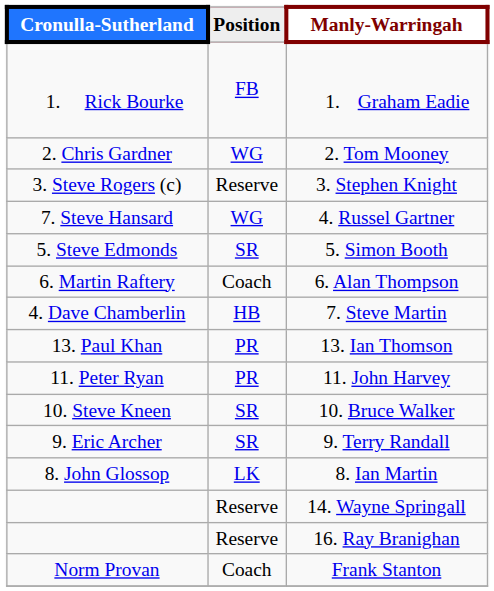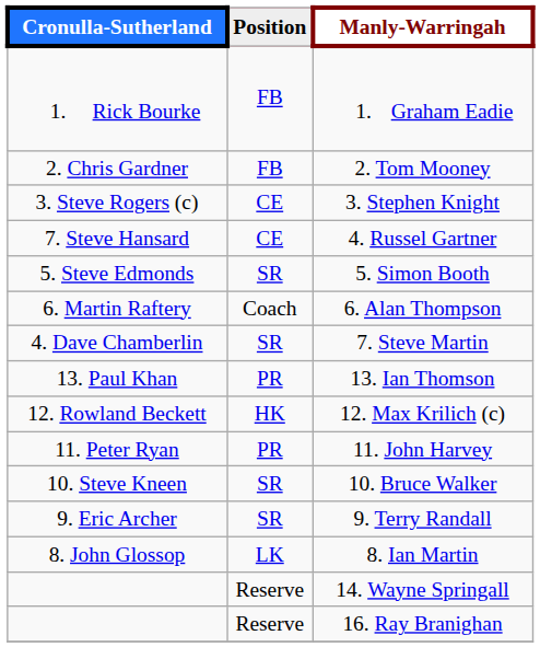 <table align="right" class="wikitable" style="font-size:90%; margin-left:1em">
 <tr bgcolor="#FF0033">
 <th style="width:140px; border:3px solid black; background: #1F75FE; color: white">Cronulla-Sutherland</th>
 <th style="width:40px; text-align:center; background:#eee; color:black;">Position</th>
 <th style="width:140px; border:3px solid maroon; background: white; color: maroon">Manly-Warringah</th>
 </tr>
 <tr align=center>
 <td><br><ol><li><a href='#'>Rick Bourke</a></li></ol></td>
 <td><a href='#'>FB</a></td>
 <td><br><ol><li><a href='#'>Graham Eadie</a></li></ol></td>
 </tr>
 <tr align=center>
 <td>2. <a href='#'>Chris Gardner</a></td>
-<td><a href='#'>WG</a></td>
+<td><a href='#'>FB</a></td>
 <td>2. <a href='#'>Tom Mooney</a></td>
 </tr>
 <tr align=center>
 <td>3. <a href='#'>Steve Rogers</a> (c)</td>
-<td>Reserve</td>
+<td><a href='#'>CE</a></td>
 <td>3. <a href='#'>Stephen Knight</a></td>
 </tr>
 <tr align=center>
 <td>7. <a href='#'>Steve Hansard</a></td>
-<td><a href='#'>WG</a></td>
+<td><a href='#'>CE</a></td>
 <td>4. <a href='#'>Russel Gartner</a></td>
 </tr>
 <tr align=center>
 <td>5. <a href='#'>Steve Edmonds</a></td>
 <td><a href='#'>SR</a></td>
 <td>5. <a href='#'>Simon Booth</a></td>
 </tr>
 <tr align=center>
 <td>6. <a href='#'>Martin Raftery</a></td>
 <td>Coach</td>
 <td>6. <a href='#'>Alan Thompson</a></td>
 </tr>
 <tr align=center>
 <td>4. <a href='#'>Dave Chamberlin</a></td>
-<td><a href='#'>HB</a></td>
+<td><a href='#'>SR</a></td>
 <td>7. <a href='#'>Steve Martin</a></td>
 </tr>
 <tr align=center>
 <td>13. <a href='#'>Paul Khan</a></td>
 <td><a href='#'>PR</a></td>
 <td>13. <a href='#'>Ian Thomson</a></td>
+</tr>
+<tr align=center>
+<td>12. <a href='#'>Rowland Beckett</a></td>
+<td><a href='#'>HK</a></td>
+<td>12. <a href='#'>Max Krilich</a> (c)</td>
 </tr>
 <tr align=center>
 <td>11. <a href='#'>Peter Ryan</a></td>
 <td><a href='#'>PR</a></td>
 <td>11. <a href='#'>John Harvey</a></td>
 </tr>
 <tr align=center>
 <td>10. <a href='#'>Steve Kneen</a></td>
 <td><a href='#'>SR</a></td>
 <td>10. <a href='#'>Bruce Walker</a></td>
 </tr>
 <tr align=center>
 <td>9. <a href='#'>Eric Archer</a></td>
 <td><a href='#'>SR</a></td>
 <td>9. <a href='#'>Terry Randall</a></td>
 </tr>
 <tr align=center>
 <td>8. <a href='#'>John Glossop</a></td>
 <td><a href='#'>LK</a></td>
 <td>8. <a href='#'>Ian Martin</a></td>
 </tr>
 <tr align=center>
 <td></td>
 <td>Reserve</td>
 <td>14. <a href='#'>Wayne Springall</a></td>
 </tr>
 <tr align=center>
 <td></td>
 <td>Reserve</td>
 <td>16. <a href='#'>Ray Branighan</a></td>
 </tr>
-<tr align=center>
-<td><a href='#'>Norm Provan</a></td>
-<td>Coach</td>
-<td><a href='#'>Frank Stanton</a></td>
-</tr>
 <tr>
 </tr>
 </table>
